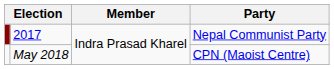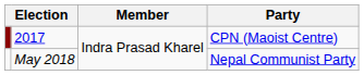 <table class="wikitable">
 <tr>
 <th colspan="2">Election</th>
 <th>Member</th>
 <th>Party</th>
 </tr>
 <tr>
 <td style="background-color:darkred"></td>
 <td><a href='#'>2017</a></td>
 <td rowspan="2">Indra Prasad Kharel</td>
-<td><a href='#'>Nepal Communist Party</a></td>
+<td><a href='#'>CPN (Maoist Centre)</a></td>
 </tr>
 <tr>
 <td style="background-color:"></td>
 <td><em>May 2018</em></td>
-<td><a href='#'>CPN (Maoist Centre)</a></td>
+<td><a href='#'>Nepal Communist Party</a></td>
 </tr>
 </table>
